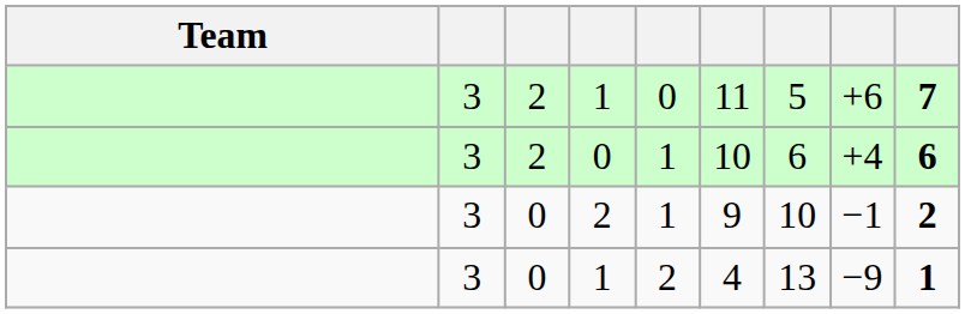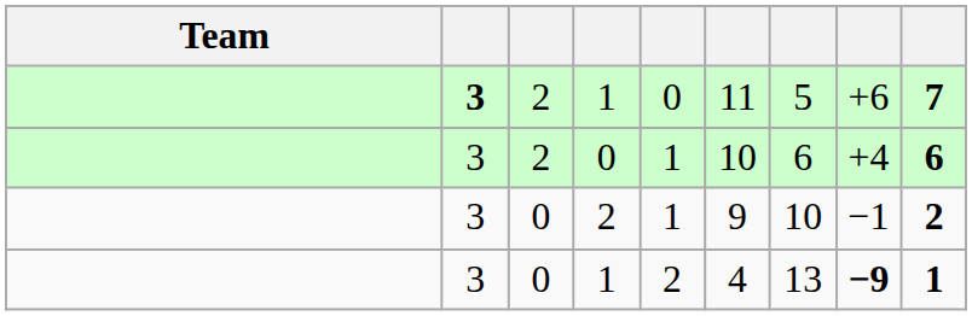 <table class="wikitable" style="text-align: center;">
 <tr>
 <th width=175>Team</th>
 <th width=20></th>
 <th width=20></th>
 <th width=20></th>
 <th width=20></th>
 <th width=20></th>
 <th width=20></th>
 <th width=20></th>
 <th width=20></th>
 </tr>
 <tr bgcolor="#ccffcc">
 <td style="text-align:left;"></td>
-<td>3</td>
+<td><strong>3</strong></td>
 <td>2</td>
 <td>1</td>
 <td>0</td>
 <td>11</td>
 <td>5</td>
 <td>+6</td>
 <td><strong>7</strong></td>
 </tr>
 <tr align=center>
 </tr>
 <tr bgcolor="#ccffcc">
 <td style="text-align:left;"><em></em></td>
 <td>3</td>
 <td>2</td>
 <td>0</td>
 <td>1</td>
 <td>10</td>
 <td>6</td>
 <td>+4</td>
 <td><strong>6</strong></td>
 </tr>
 <tr align=center>
 <td style="text-align:left;"></td>
 <td>3</td>
 <td>0</td>
 <td>2</td>
 <td>1</td>
 <td>9</td>
 <td>10</td>
 <td>−1</td>
 <td><strong>2</strong></td>
 </tr>
 <tr align=center>
 <td style="text-align:left;"></td>
 <td>3</td>
 <td>0</td>
 <td>1</td>
 <td>2</td>
 <td>4</td>
 <td>13</td>
-<td>−9</td>
+<td><strong>−9</strong></td>
 <td><strong>1</strong></td>
 </tr>
 </table>
